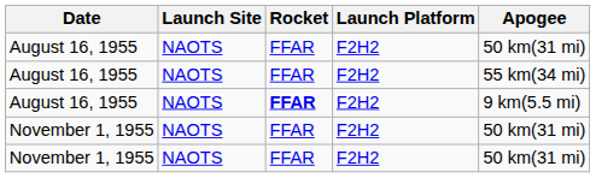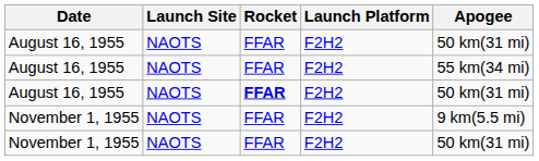 <table class="wikitable">
 <tr>
 <th>Date</th>
 <th>Launch Site</th>
 <th>Rocket</th>
 <th>Launch Platform</th>
 <th>Apogee</th>
 </tr>
 <tr>
 <td>August 16, 1955</td>
 <td><a href='#'>NAOTS</a></td>
 <td><a href='#'>FFAR</a></td>
 <td><a href='#'>F2H2</a></td>
 <td>50 km(31 mi)</td>
 </tr>
 <tr>
 <td>August 16, 1955</td>
 <td><a href='#'>NAOTS</a></td>
 <td><a href='#'>FFAR</a></td>
 <td><a href='#'>F2H2</a></td>
 <td>55 km(34 mi)</td>
 </tr>
 <tr>
 <td>August 16, 1955</td>
 <td><a href='#'>NAOTS</a></td>
 <td><strong><a href='#'>FFAR</a></strong></td>
 <td><a href='#'>F2H2</a></td>
+<td>50 km(31 mi)</td>
+</tr>
+<tr>
+<td>November 1, 1955</td>
+<td><a href='#'>NAOTS</a></td>
+<td><a href='#'>FFAR</a></td>
+<td><a href='#'>F2H2</a></td>
 <td>9 km(5.5 mi)</td>
 </tr>
 <tr>
 <td>November 1, 1955</td>
 <td><a href='#'>NAOTS</a></td>
 <td><a href='#'>FFAR</a></td>
 <td><a href='#'>F2H2</a></td>
 <td>50 km(31 mi)</td>
 </tr>
-<tr>
-<td>November 1, 1955</td>
-<td><a href='#'>NAOTS</a></td>
-<td><a href='#'>FFAR</a></td>
-<td><a href='#'>F2H2</a></td>
-<td>50 km(31 mi)</td>
-</tr>
 </table>
